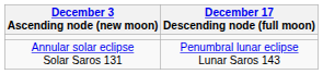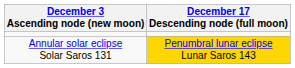 <table class="wikitable">
 <tr>
 <th><a href='#'>December 3</a><br>Ascending node (new moon)</th>
 <th><a href='#'>December 17</a><br>Descending node (full moon)</th>
 </tr>
 <tr>
 <td></td>
 <td></td>
 </tr>
 <tr align=center>
 <td><a href='#'>Annular solar eclipse</a><br>Solar Saros 131</td>
-<td><a href='#'>Penumbral lunar eclipse</a><br>Lunar Saros 143</td>
+<td style="background: gold;"><a href='#'>Penumbral lunar eclipse</a><br>Lunar Saros 143</td>
 </tr>
 </table>
